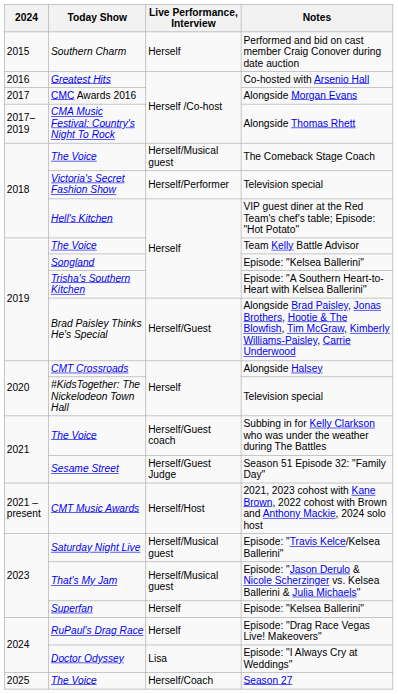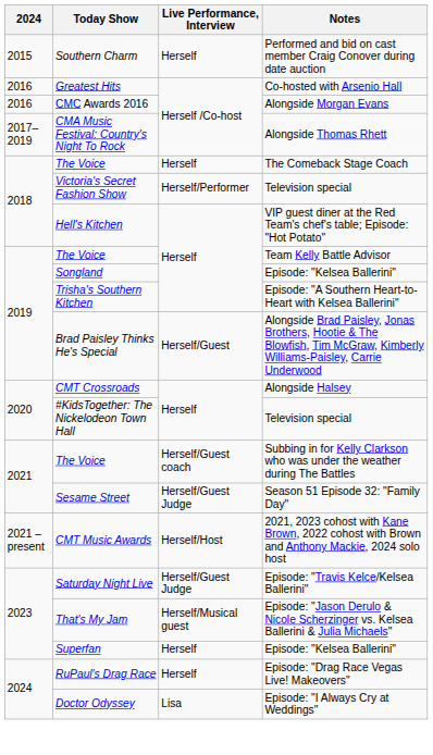 <table class="wikitable sortable">
 <tr>
 <th>2024</th>
 <th>Today Show</th>
 <th>Live Performance, Interview</th>
 <th class="unsortable">Notes</th>
 </tr>
 <tr>
 <td>2015</td>
 <td><em>Southern Charm</em></td>
 <td>Herself</td>
 <td>Performed and bid on cast member Craig Conover during date auction</td>
 </tr>
 <tr>
 <td>2016</td>
 <td><em><a href='#'>Greatest Hits</a></em></td>
 <td rowspan="3">Herself /Co-host</td>
 <td>Co-hosted with <a href='#'>Arsenio Hall</a></td>
 </tr>
 <tr>
-<td>2017</td>
+<td>2016</td>
 <td><a href='#'>CMC</a> Awards 2016</td>
 <td>Alongside <a href='#'>Morgan Evans</a></td>
 </tr>
 <tr>
 <td>2017–2019</td>
 <td><em><a href='#'>CMA Music Festival: Country's Night To Rock</a></em></td>
 <td>Alongside <a href='#'>Thomas Rhett</a></td>
 </tr>
 <tr>
 <td rowspan="3">2018</td>
 <td><em><a href='#'>The Voice</a></em></td>
-<td>Herself/Musical guest</td>
+<td>Herself</td>
 <td>The Comeback Stage Coach</td>
 </tr>
 <tr>
 <td><em><a href='#'>Victoria's Secret Fashion Show</a></em></td>
 <td>Herself/Performer</td>
 <td>Television special</td>
 </tr>
 <tr>
 <td><em><a href='#'>Hell's Kitchen</a></em></td>
 <td rowspan="4">Herself</td>
 <td>VIP guest diner at the Red Team's chef's table; Episode: "Hot Potato"</td>
 </tr>
 <tr>
 <td rowspan="4">2019</td>
 <td><em><a href='#'>The Voice</a></em></td>
 <td>Team <a href='#'>Kelly</a> Battle Advisor</td>
 </tr>
 <tr>
 <td><em><a href='#'>Songland</a></em></td>
 <td>Episode: "Kelsea Ballerini"</td>
 </tr>
 <tr>
 <td><em><a href='#'>Trisha's Southern Kitchen</a></em></td>
 <td>Episode: "A Southern Heart-to-Heart with Kelsea Ballerini"</td>
 </tr>
 <tr>
 <td><em>Brad Paisley Thinks He's Special</em></td>
 <td>Herself/Guest</td>
 <td>Alongside <a href='#'>Brad Paisley</a>, <a href='#'>Jonas Brothers</a>, <a href='#'>Hootie & The Blowfish</a>, <a href='#'>Tim McGraw</a>, <a href='#'>Kimberly Williams-Paisley</a>, <a href='#'>Carrie Underwood</a></td>
 </tr>
 <tr>
 <td rowspan="2">2020</td>
 <td><em><a href='#'>CMT Crossroads</a></em></td>
 <td rowspan="2">Herself</td>
 <td>Alongside <a href='#'>Halsey</a></td>
 </tr>
 <tr>
 <td><em>#KidsTogether: The Nickelodeon Town Hall</em></td>
 <td>Television special</td>
 </tr>
 <tr>
 <td rowspan="2">2021</td>
 <td><em><a href='#'>The Voice</a></em></td>
 <td>Herself/Guest coach</td>
 <td>Subbing in for <a href='#'>Kelly Clarkson</a> who was under the weather during The Battles</td>
 </tr>
 <tr>
 <td><em><a href='#'>Sesame Street</a></em></td>
 <td>Herself/Guest Judge</td>
 <td>Season 51 Episode 32: "Family Day"</td>
 </tr>
 <tr>
 <td>2021 –present</td>
 <td><em><a href='#'>CMT Music Awards</a></em></td>
 <td>Herself/Host</td>
 <td>2021, 2023 cohost with <a href='#'>Kane Brown</a>, 2022 cohost with Brown and <a href='#'>Anthony Mackie</a>, 2024 solo host</td>
 </tr>
 <tr>
 <td rowspan="3">2023</td>
 <td><em><a href='#'>Saturday Night Live</a></em></td>
-<td>Herself/Musical guest</td>
+<td>Herself/Guest Judge</td>
 <td>Episode: "<a href='#'>Travis Kelce</a>/Kelsea Ballerini"</td>
 </tr>
 <tr>
 <td><em><a href='#'>That's My Jam</a></em></td>
 <td>Herself/Musical guest</td>
 <td>Episode: "<a href='#'>Jason Derulo</a> & <a href='#'>Nicole Scherzinger</a> vs. Kelsea Ballerini & <a href='#'>Julia Michaels</a>"</td>
 </tr>
 <tr>
 <td><em><a href='#'>Superfan</a></em></td>
 <td>Herself</td>
 <td>Episode: "Kelsea Ballerini"</td>
 </tr>
 <tr>
 <td rowspan="2">2024</td>
 <td><em><a href='#'>RuPaul's Drag Race</a></em></td>
 <td>Herself</td>
 <td>Episode: "Drag Race Vegas Live! Makeovers"</td>
 </tr>
 <tr>
 <td><em><a href='#'>Doctor Odyssey</a></em></td>
 <td>Lisa</td>
 <td>Episode: "I Always Cry at Weddings"</td>
 </tr>
-<tr>
-<td>2025</td>
-<td><em><a href='#'>The Voice</a></em></td>
-<td>Herself/Coach</td>
-<td><a href='#'>Season 27</a></td>
-</tr>
 </table>
